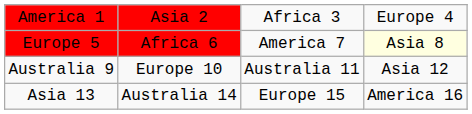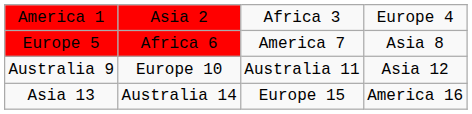 <table class="wikitable" style="text-align:center;">
 <tr>
 <td bgcolor="RED">America 1</td>
 <td bgcolor="RED">Asia 2</td>
 <td>Africa 3</td>
 <td>Europe 4</td>
 </tr>
 <tr>
 <td bgcolor="RED">Europe 5</td>
 <td bgcolor="RED">Africa 6</td>
 <td>America 7</td>
-<td style="background: lightyellow;">Asia 8</td>
+<td>Asia 8</td>
 </tr>
 <tr>
 <td>Australia 9</td>
 <td>Europe 10</td>
 <td>Australia 11</td>
 <td>Asia 12</td>
 </tr>
 <tr>
 <td>Asia 13</td>
 <td>Australia 14</td>
 <td>Europe 15</td>
 <td>America 16</td>
 </tr>
 </table>
